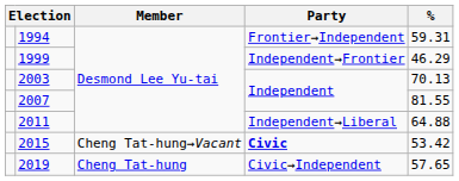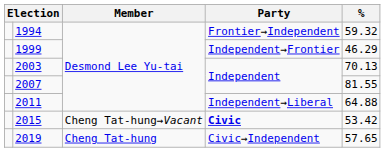 <table class="wikitable">
 <tr>
 <th colspan="2">Election</th>
 <th>Member</th>
 <th>Party</th>
 <th>%</th>
 </tr>
 <tr>
 <td style="background-color: "></td>
 <td><a href='#'>1994</a></td>
 <td rowspan=5><a href='#'>Desmond Lee Yu-tai</a></td>
 <td><a href='#'>Frontier</a>→<a href='#'>Independent</a></td>
-<td>59.31</td>
+<td>59.32</td>
 </tr>
 <tr>
 <td style="background-color: "></td>
 <td><a href='#'>1999</a></td>
 <td><a href='#'>Independent</a>→<a href='#'>Frontier</a></td>
 <td>46.29</td>
 </tr>
 <tr>
 <td style="background-color: "></td>
 <td><a href='#'>2003</a></td>
 <td rowspan=2><a href='#'>Independent</a></td>
 <td>70.13</td>
 </tr>
 <tr>
 <td style="background-color: "></td>
 <td><a href='#'>2007</a></td>
 <td>81.55</td>
 </tr>
 <tr>
 <td style="background-color: "></td>
 <td><a href='#'>2011</a></td>
 <td><a href='#'>Independent</a>→<a href='#'>Liberal</a></td>
 <td>64.88</td>
 </tr>
 <tr>
 <td style="background-color: "></td>
 <td><a href='#'>2015</a></td>
 <td>Cheng Tat-hung→<em>Vacant</em></td>
 <td><strong><a href='#'>Civic</a></strong></td>
 <td>53.42</td>
 </tr>
 <tr>
 <td style="background-color: "></td>
 <td><a href='#'>2019</a></td>
 <td rowspan=1><a href='#'>Cheng Tat-hung</a></td>
 <td><a href='#'>Civic</a>→<a href='#'>Independent</a></td>
 <td>57.65</td>
 </tr>
 </table>
